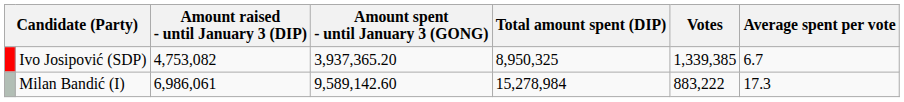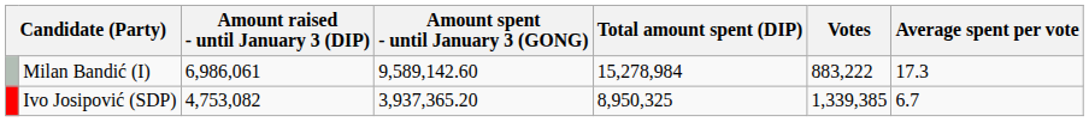 <table class="wikitable sortable" style="font:bold">
 <tr>
 <th colspan=2>Candidate (Party)</th>
 <th>Amount raised<br>- until January 3 (DIP)</th>
 <th>Amount spent<br>- until January 3 (GONG)</th>
 <th>Total amount spent (DIP)</th>
 <th>Votes</th>
 <th>Average spent per vote</th>
 </tr>
 <tr>
+<td style="background:#B2BEB5"> </td>
+<td>Milan Bandić (I)</td>
+<td>6,986,061</td>
+<td>9,589,142.60</td>
+<td>15,278,984</td>
+<td>883,222</td>
+<td>17.3</td>
+</tr>
+<tr>
 <td style="background:red"> </td>
 <td>Ivo Josipović (SDP)</td>
 <td>4,753,082</td>
 <td>3,937,365.20</td>
 <td>8,950,325</td>
 <td>1,339,385</td>
 <td>6.7</td>
 </tr>
-<tr>
-<td style="background:#B2BEB5"> </td>
-<td>Milan Bandić (I)</td>
-<td>6,986,061</td>
-<td>9,589,142.60</td>
-<td>15,278,984</td>
-<td>883,222</td>
-<td>17.3</td>
-</tr>
 </table>
